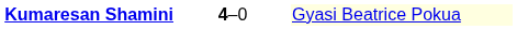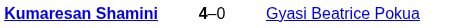 <table>
 <tr>
 <th width=200></th>
 <th width=100></th>
 <th width=200></th>
 </tr>
 <tr>
 <td align=right><strong><a href='#'>Kumaresan Shamini</a> </strong></td>
 <td align=center><strong>4</strong>–0</td>
-<td style="background: lightyellow;"> <a href='#'>Gyasi Beatrice Pokua</a></td>
+<td> <a href='#'>Gyasi Beatrice Pokua</a></td>
 </tr>
 </table>
